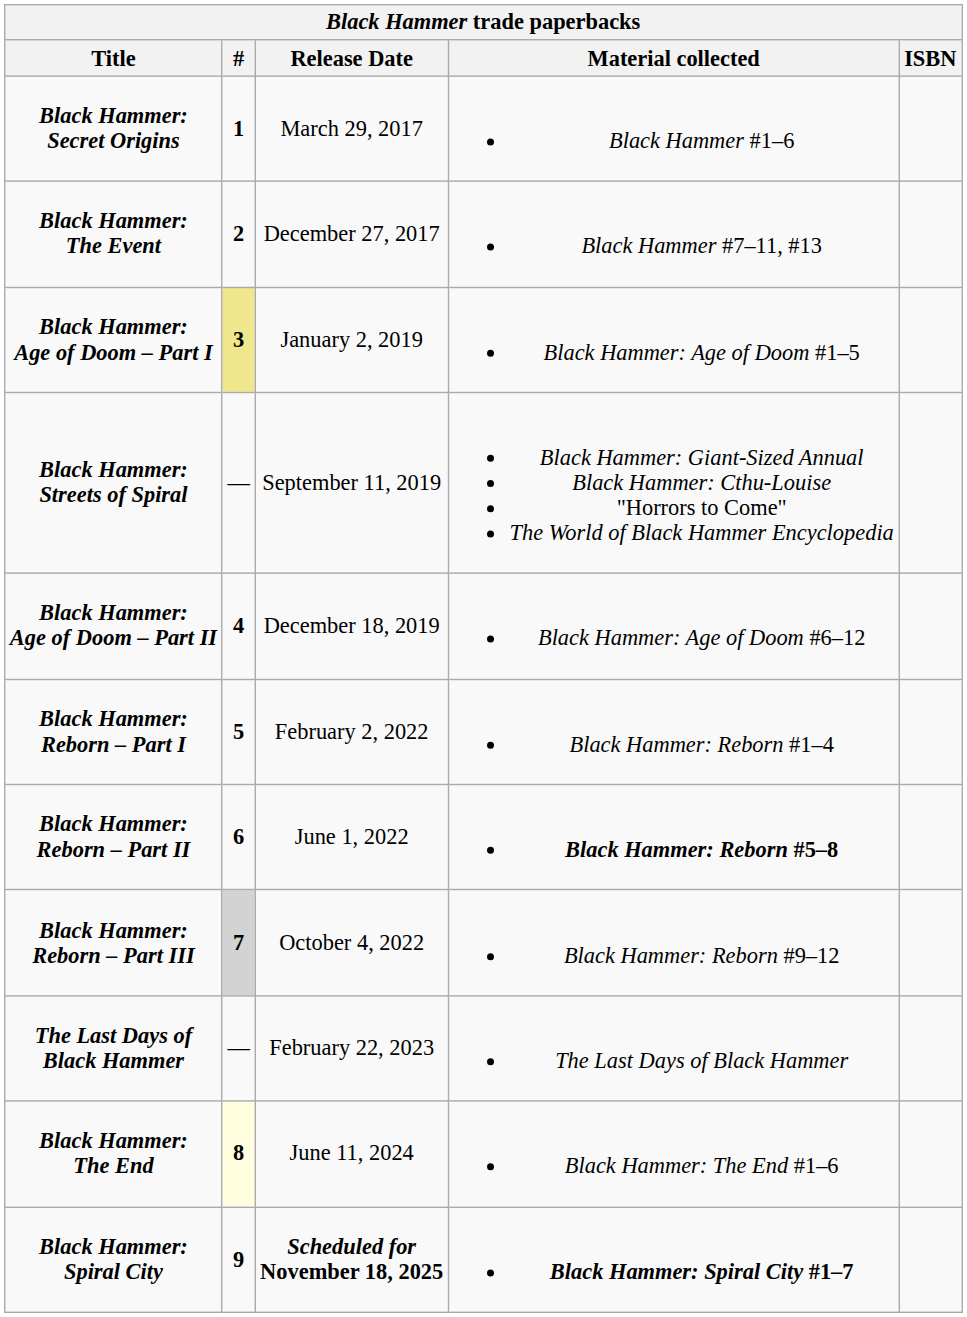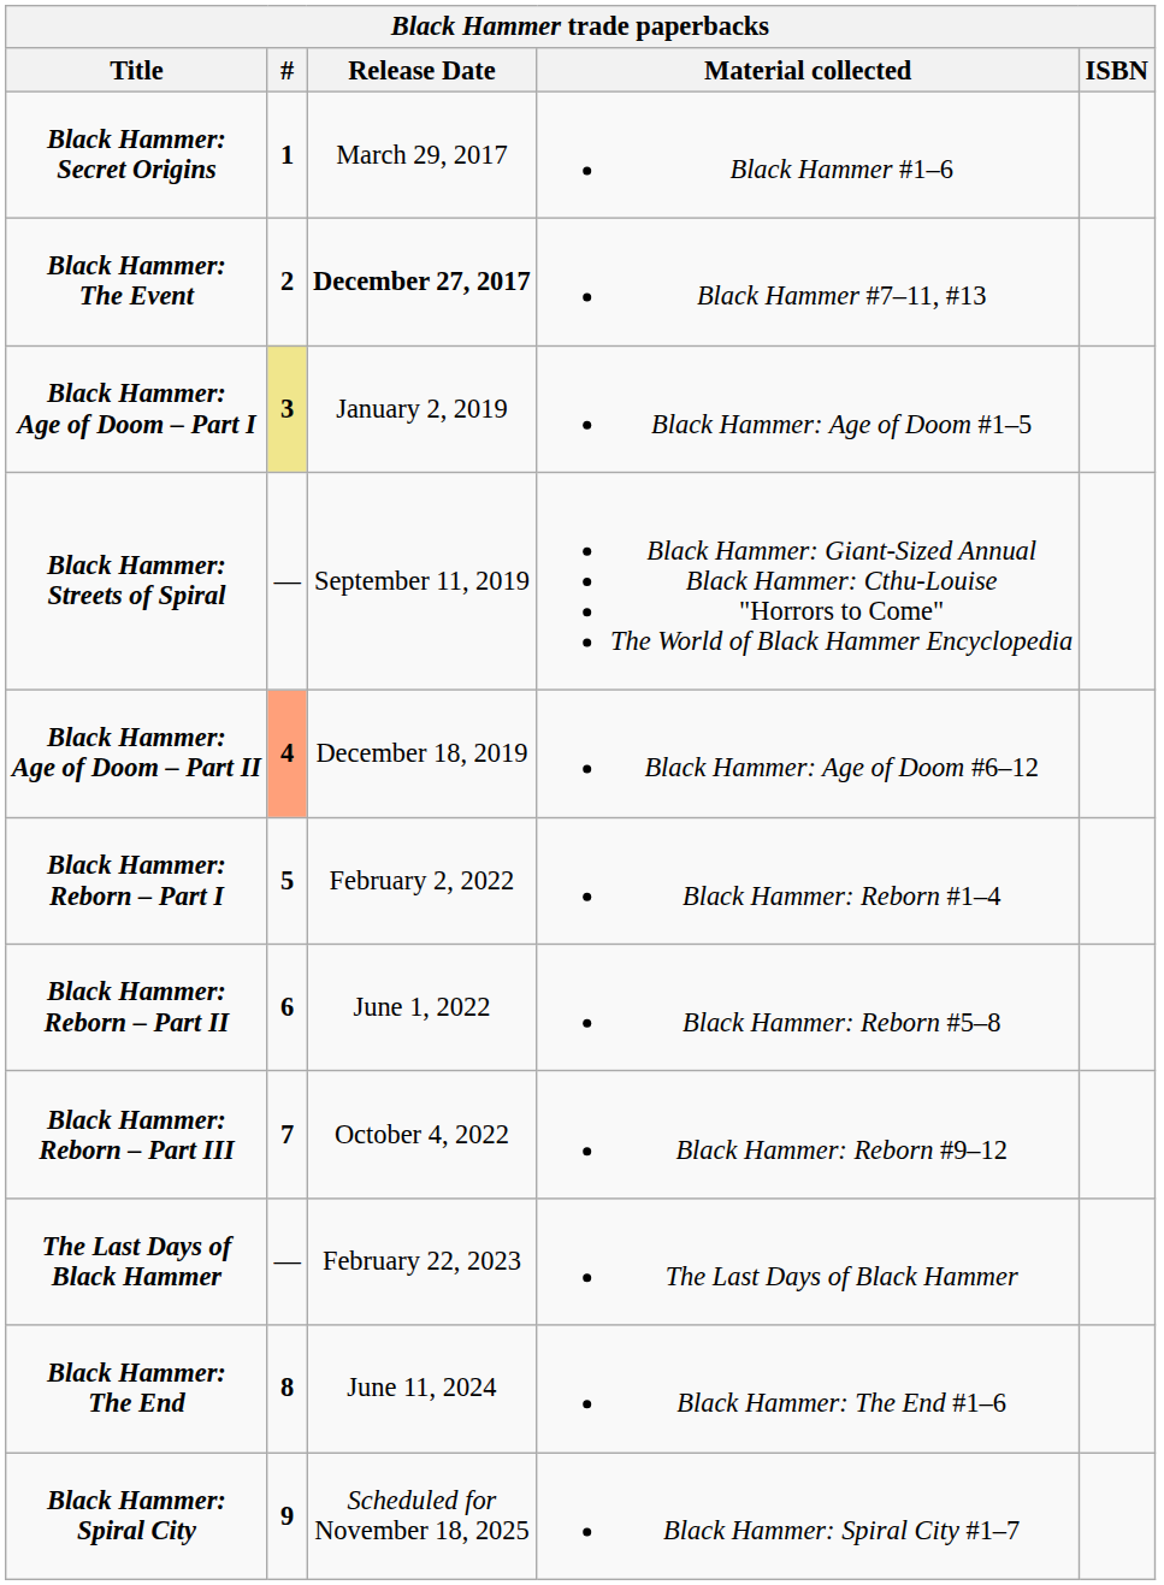 <table class="wikitable mw-collapsible mw-collapsed" style="text-align: center">
 <tr>
 <th colspan=5><em>Black Hammer</em> trade paperbacks</th>
 </tr>
 <tr>
 <th>Title</th>
 <th>#</th>
 <th>Release Date</th>
 <th>Material collected</th>
 <th>ISBN</th>
 </tr>
 <tr>
 <td><strong><em>Black Hammer:<br>Secret Origins</em></strong></td>
 <td><strong>1</strong></td>
 <td>March 29, 2017</td>
 <td><br><ul><li><em>Black Hammer</em> #1–6</li></ul></td>
 <td></td>
 </tr>
 <tr>
 <td><strong><em>Black Hammer:<br>The Event</em></strong></td>
 <td><strong>2</strong></td>
-<td>December 27, 2017</td>
+<td><strong>December 27, 2017</strong></td>
 <td><br><ul><li><em>Black Hammer</em> #7–11, #13</li></ul></td>
 <td></td>
 </tr>
 <tr>
 <td><strong><em>Black Hammer:<br>Age of Doom – Part I</em></strong></td>
 <td style="background: khaki;"><strong>3</strong></td>
 <td>January 2, 2019</td>
 <td><br><ul><li><em>Black Hammer: Age of Doom</em> #1–5</li></ul></td>
 <td></td>
 </tr>
 <tr>
 <td><strong><em>Black Hammer:<br>Streets of Spiral</em></strong></td>
 <td>—</td>
 <td>September 11, 2019</td>
 <td><br><ul><li><em>Black Hammer: Giant-Sized Annual</em></li><li><em>Black Hammer: Cthu-Louise</em></li><li>"Horrors to Come"</li><li><em>The World of Black Hammer Encyclopedia</em></li></ul></td>
 <td></td>
 </tr>
 <tr>
 <td><strong><em>Black Hammer:<br>Age of Doom – Part II</em></strong></td>
-<td><strong>4</strong></td>
+<td style="background: lightsalmon;"><strong>4</strong></td>
 <td>December 18, 2019</td>
 <td><br><ul><li><em>Black Hammer: Age of Doom</em> #6–12</li></ul></td>
 <td></td>
 </tr>
 <tr>
 <td><strong><em>Black Hammer:<br>Reborn – Part I</em></strong></td>
 <td><strong>5</strong></td>
 <td>February 2, 2022</td>
 <td><br><ul><li><em>Black Hammer: Reborn</em> #1–4</li></ul></td>
 <td></td>
 </tr>
 <tr>
 <td><strong><em>Black Hammer:<br>Reborn – Part II</em></strong></td>
 <td><strong>6</strong></td>
 <td>June 1, 2022</td>
-<td><strong><br><ul><li><em>Black Hammer: Reborn</em> #5–8</li></ul></strong></td>
+<td><br><ul><li><em>Black Hammer: Reborn</em> #5–8</li></ul></td>
 <td></td>
 </tr>
 <tr>
 <td><strong><em>Black Hammer:<br>Reborn – Part III</em></strong></td>
-<td style="background: lightgrey;"><strong>7</strong></td>
+<td><strong>7</strong></td>
 <td>October 4, 2022</td>
 <td><br><ul><li><em>Black Hammer: Reborn</em> #9–12</li></ul></td>
 <td></td>
 </tr>
 <tr>
 <td><strong><em>The Last Days of<br>Black Hammer</em></strong></td>
 <td>—</td>
 <td>February 22, 2023</td>
 <td><br><ul><li><em>The Last Days of Black Hammer</em></li></ul></td>
 <td></td>
 </tr>
 <tr>
 <td><strong><em>Black Hammer:<br>The End</em></strong></td>
-<td style="background: lightyellow;"><strong>8</strong></td>
+<td><strong>8</strong></td>
 <td>June 11, 2024</td>
 <td><br><ul><li><em>Black Hammer: The End</em> #1–6</li></ul></td>
 <td></td>
 </tr>
 <tr>
 <td><strong><em>Black Hammer:<br>Spiral City</em></strong></td>
 <td><strong>9</strong></td>
-<td><strong><em>Scheduled for</em><br>November 18, 2025</strong></td>
-<td><strong><br><ul><li><em>Black Hammer: Spiral City</em> #1–7</li></ul></strong></td>
+<td><em>Scheduled for</em><br>November 18, 2025</td>
+<td><br><ul><li><em>Black Hammer: Spiral City</em> #1–7</li></ul></td>
 <td></td>
 </tr>
 </table>
